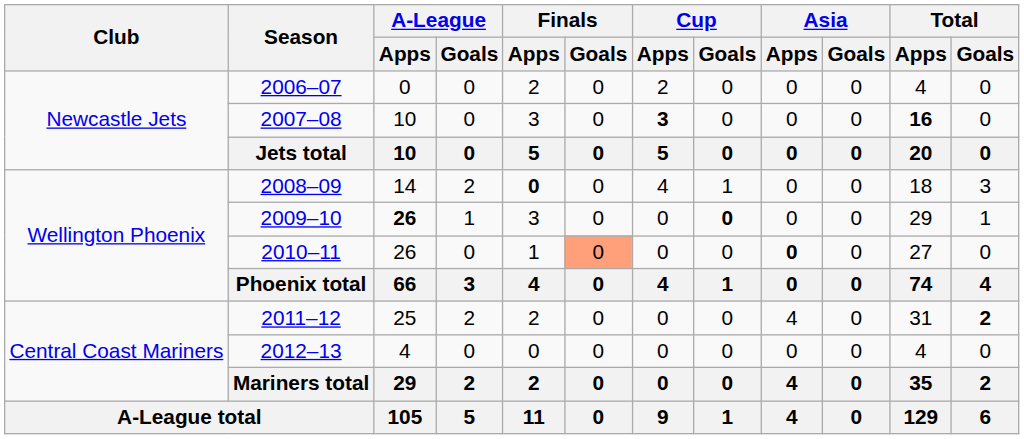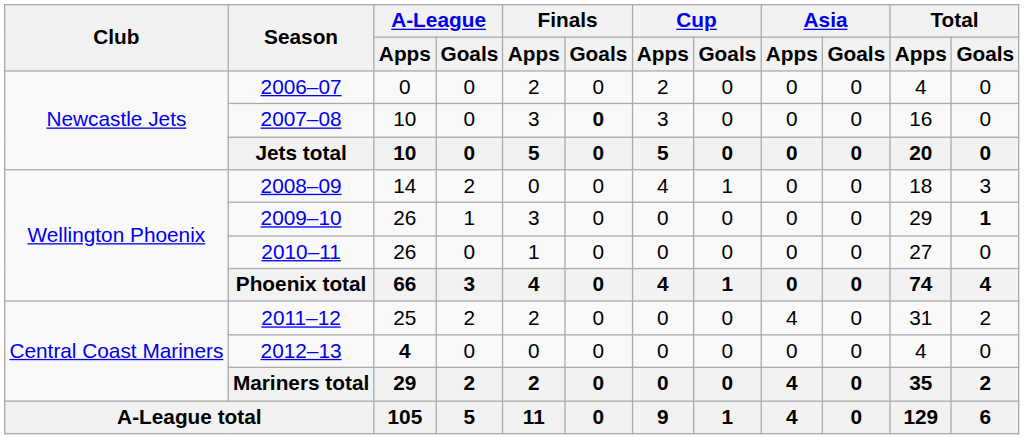 <table class="wikitable" style="text-align: center;">
 <tr>
 <th rowspan="2">Club</th>
 <th rowspan="2">Season</th>
 <th colspan="2"><a href='#'>A-League</a></th>
 <th colspan="2">Finals</th>
 <th colspan="2"><a href='#'>Cup</a></th>
 <th colspan="2"><a href='#'>Asia</a></th>
 <th colspan="2">Total</th>
 </tr>
 <tr>
 <th>Apps</th>
 <th>Goals</th>
 <th>Apps</th>
 <th>Goals</th>
 <th>Apps</th>
 <th>Goals</th>
 <th>Apps</th>
 <th>Goals</th>
 <th>Apps</th>
 <th>Goals</th>
 </tr>
 <tr>
 <td rowspan="3" valign="center"><a href='#'>Newcastle Jets</a></td>
 <td><a href='#'>2006–07</a></td>
 <td>0</td>
 <td>0</td>
 <td>2</td>
 <td>0</td>
 <td>2</td>
 <td>0</td>
 <td>0</td>
 <td>0</td>
 <td>4</td>
 <td>0</td>
 </tr>
 <tr>
 <td><a href='#'>2007–08</a></td>
 <td>10</td>
 <td>0</td>
 <td>3</td>
-<td>0</td>
-<td><strong>3</strong></td>
+<td><strong>0</strong></td>
+<td>3</td>
 <td>0</td>
 <td>0</td>
 <td>0</td>
-<td><strong>16</strong></td>
+<td>16</td>
 <td>0</td>
 </tr>
 <tr>
 <th>Jets total</th>
 <th>10</th>
 <th>0</th>
 <th>5</th>
 <th>0</th>
 <th>5</th>
 <th>0</th>
 <th>0</th>
 <th>0</th>
 <th>20</th>
 <th>0</th>
 </tr>
 <tr>
 <td rowspan=4><a href='#'>Wellington Phoenix</a></td>
 <td><a href='#'>2008–09</a></td>
 <td>14</td>
 <td>2</td>
-<td><strong>0</strong></td>
+<td>0</td>
 <td>0</td>
 <td>4</td>
 <td>1</td>
 <td>0</td>
 <td>0</td>
 <td>18</td>
 <td>3</td>
 </tr>
 <tr>
 <td><a href='#'>2009–10</a></td>
-<td><strong>26</strong></td>
+<td>26</td>
 <td>1</td>
 <td>3</td>
 <td>0</td>
 <td>0</td>
-<td><strong>0</strong></td>
+<td>0</td>
 <td>0</td>
 <td>0</td>
 <td>29</td>
-<td>1</td>
+<td><strong>1</strong></td>
 </tr>
 <tr>
 <td><a href='#'>2010–11</a></td>
 <td>26</td>
 <td>0</td>
 <td>1</td>
-<td style="background: lightsalmon;">0</td>
 <td>0</td>
 <td>0</td>
-<td><strong>0</strong></td>
+<td>0</td>
+<td>0</td>
 <td>0</td>
 <td>27</td>
 <td>0</td>
 </tr>
 <tr>
 <th>Phoenix total</th>
 <th>66</th>
 <th>3</th>
 <th>4</th>
 <th>0</th>
 <th>4</th>
 <th>1</th>
 <th>0</th>
 <th>0</th>
 <th>74</th>
 <th>4</th>
 </tr>
 <tr>
 <td rowspan=3><a href='#'>Central Coast Mariners</a></td>
 <td><a href='#'>2011–12</a></td>
 <td>25</td>
 <td>2</td>
 <td>2</td>
 <td>0</td>
 <td>0</td>
 <td>0</td>
 <td>4</td>
 <td>0</td>
 <td>31</td>
-<td><strong>2</strong></td>
+<td>2</td>
 </tr>
 <tr>
 <td><a href='#'>2012–13</a></td>
-<td>4</td>
+<td><strong>4</strong></td>
 <td>0</td>
 <td>0</td>
 <td>0</td>
 <td>0</td>
 <td>0</td>
 <td>0</td>
 <td>0</td>
 <td>4</td>
 <td>0</td>
 </tr>
 <tr>
 <th>Mariners total</th>
 <th>29</th>
 <th>2</th>
 <th>2</th>
 <th>0</th>
 <th>0</th>
 <th>0</th>
 <th>4</th>
 <th>0</th>
 <th>35</th>
 <th>2</th>
 </tr>
 <tr>
 <th colspan=2>A-League total</th>
 <th>105</th>
 <th>5</th>
 <th>11</th>
 <th>0</th>
 <th>9</th>
 <th>1</th>
 <th>4</th>
 <th>0</th>
 <th>129</th>
 <th>6</th>
 </tr>
 </table>
